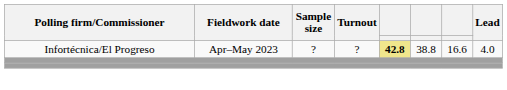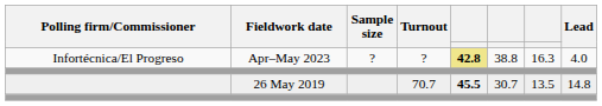 <table class="wikitable collapsible collapsed" style="text-align:center; font-size:95%; line-height:16px;">
 <tr style="height:42px;">
 <th style="width:250px;" rowspan="2">Polling firm/Commissioner</th>
 <th style="width:125px;" rowspan="2">Fieldwork date</th>
 <th style="width:50px;" rowspan="2">Sample size</th>
 <th style="width:45px;" rowspan="2">Turnout</th>
 <th style="width:35px;"></th>
 <th style="width:35px;"></th>
 <th style="width:35px;"></th>
 <th style="width:30px;" rowspan="2">Lead</th>
 </tr>
 <tr>
 <th style="color:inherit;background:"></th>
 <th style="color:inherit;background:"></th>
 <th style="color:inherit;background:"></th>
 </tr>
 <tr>
 <td>Infortécnica/El Progreso</td>
 <td>Apr–May 2023</td>
 <td>?</td>
 <td>?</td>
 <td style="background: khaki;"><strong>42.8</strong><br></td>
 <td>38.8<br></td>
-<td>16.6<br></td>
+<td>16.3<br></td>
 <td style="background:">4.0</td>
 </tr>
 <tr>
 <td colspan="8" style="background:#A0A0A0"></td>
 </tr>
+<tr style="background:#EFEFEF;">
+<td><strong></strong></td>
+<td>26 May 2019</td>
+<td></td>
+<td>70.7</td>
+<td><strong>45.5</strong><br></td>
+<td>30.7<br></td>
+<td>13.5<br></td>
+<td style="background:">14.8</td>
+</tr>
 <tr>
 <td colspan="8" style="background:#A0A0A0"></td>
 </tr>
 </table>
